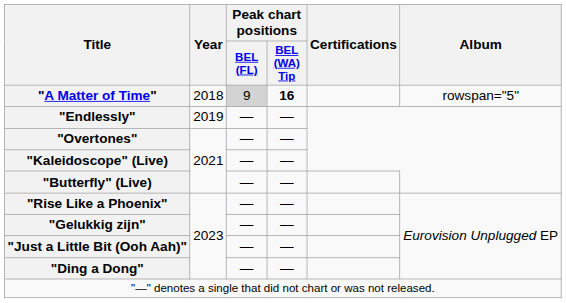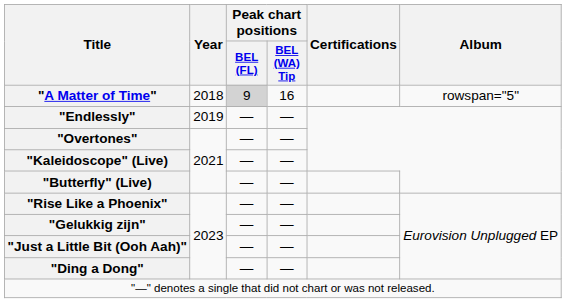 <table class="wikitable plainrowheaders" style="text-align:center;">
 <tr>
 <th scope="col" rowspan="2">Title</th>
 <th scope="col" rowspan="2" style="width:1em;">Year</th>
 <th scope="col" colspan="2">Peak chart positions</th>
 <th scope="col" rowspan="2">Certifications</th>
 <th scope="col" rowspan="2">Album</th>
 </tr>
 <tr>
 <th scope="col" style="width:3em;font-size:85%;"><a href='#'>BEL<br>(FL)</a><br></th>
 <th scope="col" style="width:3em;font-size:85%;"><a href='#'>BEL<br>(WA)<br>Tip</a><br></th>
 </tr>
 <tr>
 <th scope="row">"<a href='#'>A Matter of Time</a>"</th>
 <td>2018</td>
 <td style="background: lightgrey;">9</td>
-<td><strong>16</strong></td>
+<td>16</td>
 <td></td>
 <td>rowspan="5" </td>
 </tr>
 <tr>
 <th scope="row">"Endlessly"</th>
 <td>2019</td>
 <td>—</td>
 <td>—</td>
 </tr>
 <tr>
 <th scope="row">"Overtones"</th>
 <td rowspan="3">2021</td>
 <td>—</td>
 <td>—</td>
 </tr>
 <tr>
 <th scope="row">"Kaleidoscope" (Live)</th>
 <td>—</td>
 <td>—</td>
 </tr>
 <tr>
 <th scope="row">"Butterfly" (Live)</th>
 <td>—</td>
 <td>—</td>
 <td></td>
 </tr>
 <tr>
 <th scope="row">"Rise Like a Phoenix"</th>
 <td rowspan="4">2023</td>
 <td>—</td>
 <td>—</td>
 <td></td>
 <td rowspan="4"><em>Eurovision Unplugged</em> EP</td>
 </tr>
 <tr>
 <th scope="row">"Gelukkig zijn"</th>
 <td>—</td>
 <td>—</td>
 <td></td>
 </tr>
 <tr>
 <th scope="row">"Just a Little Bit (Ooh Aah)"</th>
 <td>—</td>
 <td>—</td>
 <td></td>
 </tr>
 <tr>
 <th scope="row">"Ding a Dong"</th>
 <td>—</td>
 <td>—</td>
 <td></td>
 </tr>
 <tr>
 <td colspan="10" style="text-align:center; font-size:85%;">"—" denotes a single that did not chart or was not released.</td>
 </tr>
 </table>
